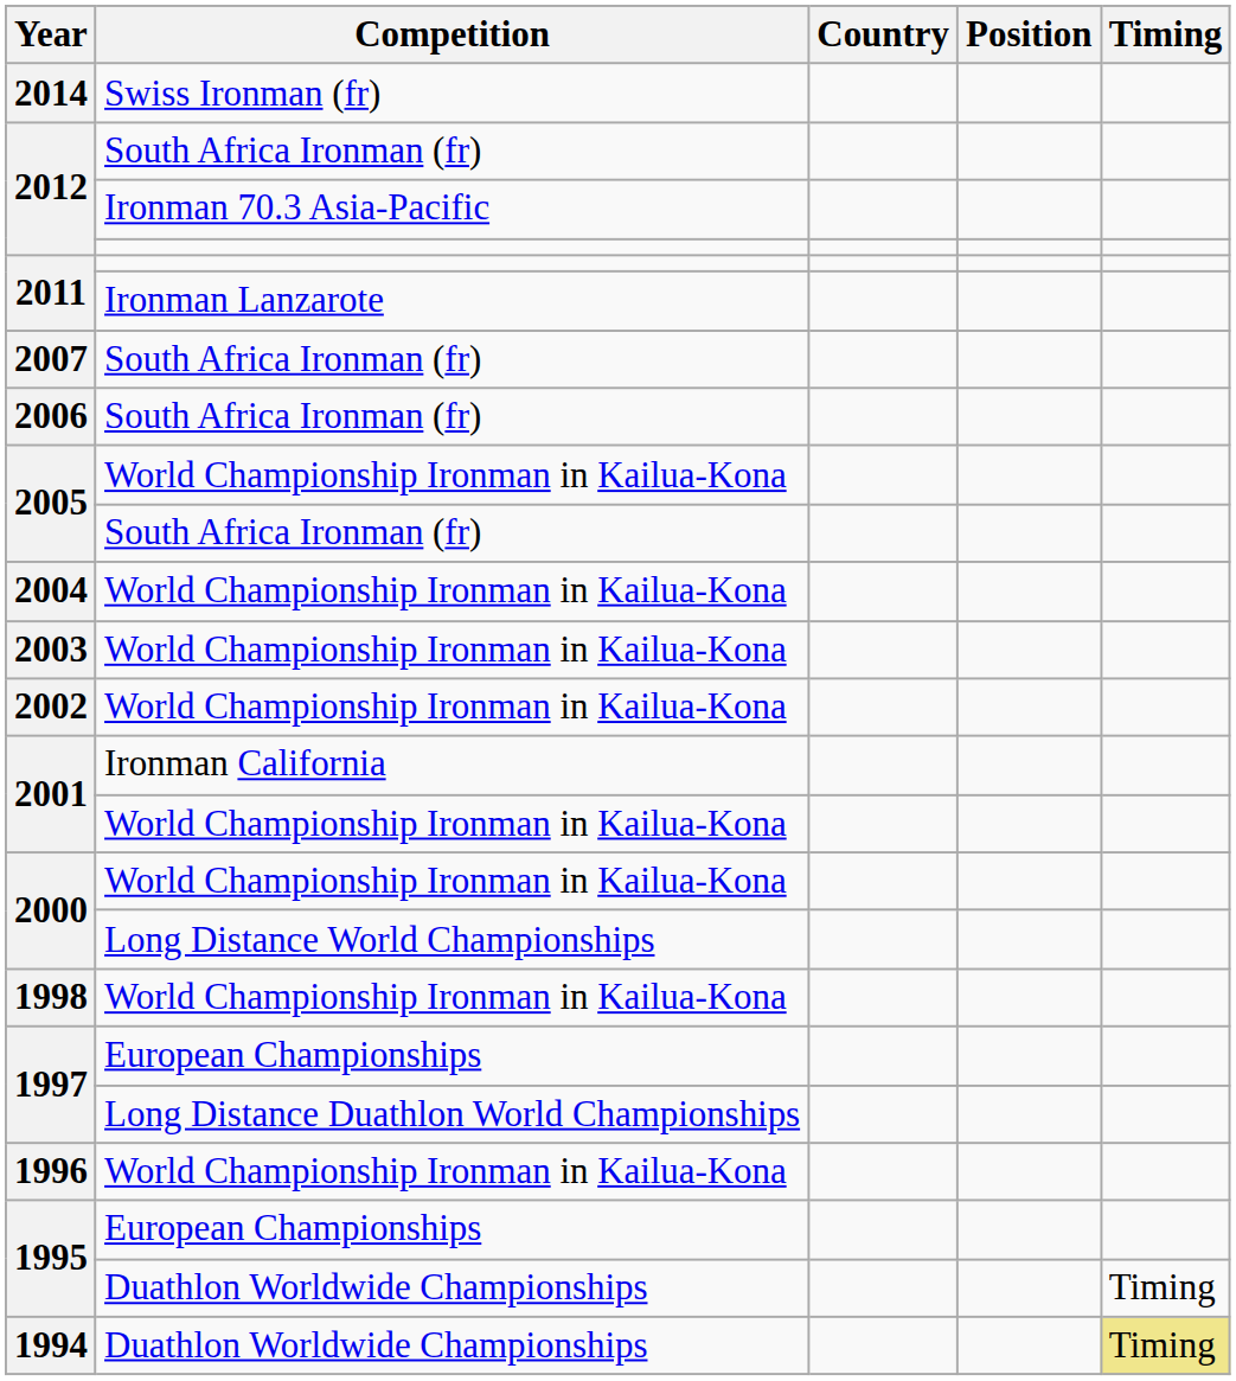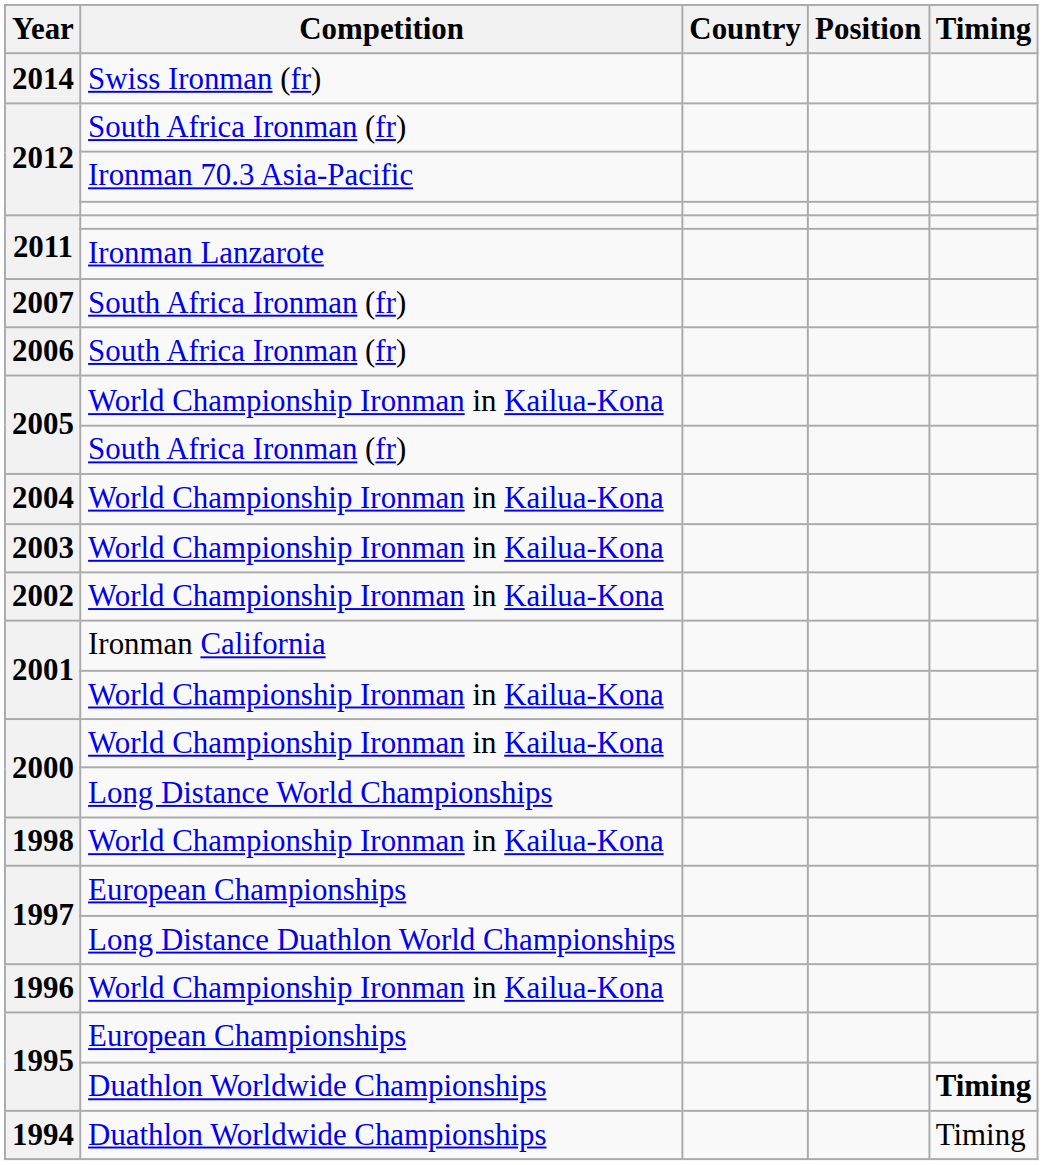 <table class="wikitable ">
 <tr>
 <th scope=col>Year</th>
 <th scope=col>Competition</th>
 <th scope=col>Country</th>
 <th Scope=col>Position</th>
 <th scope=col>Timing</th>
 </tr>
 <tr>
 <th scope=row; align=center;>2014</th>
 <td><a href='#'>Swiss Ironman</a> (<a href='#'>fr</a>)</td>
 <td></td>
 <td align=center></td>
 <td></td>
 </tr>
 <tr>
 <th scope=row; align=center; rowspan="3">2012</th>
 <td><a href='#'>South Africa Ironman</a> (<a href='#'>fr</a>)</td>
 <td></td>
 <td align=center></td>
 <td></td>
 </tr>
 <tr>
 <td><a href='#'>Ironman 70.3 Asia-Pacific</a></td>
 <td></td>
 <td align=center></td>
 <td></td>
 </tr>
 <tr>
 <td></td>
 <td></td>
 <td align=center></td>
 <td></td>
 </tr>
 <tr>
 <th scope=row; align=center; rowspan="2">2011</th>
 <td></td>
 <td></td>
 <td align=center></td>
 <td></td>
 </tr>
 <tr>
 <td><a href='#'>Ironman Lanzarote</a></td>
 <td></td>
 <td align=center></td>
 <td></td>
 </tr>
 <tr>
 <th scope=row; align=center;>2007</th>
 <td><a href='#'>South Africa Ironman</a> (<a href='#'>fr</a>)</td>
 <td></td>
 <td align=center></td>
 <td></td>
 </tr>
 <tr>
 <th scope=row; align=center;>2006</th>
 <td><a href='#'>South Africa Ironman</a> (<a href='#'>fr</a>)</td>
 <td></td>
 <td align=center></td>
 <td></td>
 </tr>
 <tr>
 <th scope=row; align=center; rowspan="2">2005</th>
 <td><a href='#'>World Championship Ironman</a> in <a href='#'>Kailua-Kona</a></td>
 <td></td>
 <td align=center></td>
 <td></td>
 </tr>
 <tr>
 <td><a href='#'>South Africa Ironman</a> (<a href='#'>fr</a>)</td>
 <td></td>
 <td align=center></td>
 <td></td>
 </tr>
 <tr>
 <th scope=row; align=center;>2004</th>
 <td><a href='#'>World Championship Ironman</a> in <a href='#'>Kailua-Kona</a></td>
 <td></td>
 <td align=center></td>
 <td></td>
 </tr>
 <tr>
 <th scope=row; align=center;>2003</th>
 <td><a href='#'>World Championship Ironman</a> in <a href='#'>Kailua-Kona</a></td>
 <td></td>
 <td align=center></td>
 <td></td>
 </tr>
 <tr>
 <th scope=row; align=center;>2002</th>
 <td><a href='#'>World Championship Ironman</a> in <a href='#'>Kailua-Kona</a></td>
 <td></td>
 <td align=center></td>
 <td></td>
 </tr>
 <tr>
 <th scope=row; align=center; rowspan="2">2001</th>
 <td>Ironman <a href='#'>California</a></td>
 <td></td>
 <td align=center></td>
 <td></td>
 </tr>
 <tr>
 <td><a href='#'>World Championship Ironman</a> in <a href='#'>Kailua-Kona</a></td>
 <td></td>
 <td align=center></td>
 <td></td>
 </tr>
 <tr>
 <th scope=row; align=center; rowspan="2">2000</th>
 <td><a href='#'>World Championship Ironman</a> in <a href='#'>Kailua-Kona</a></td>
 <td></td>
 <td align=center></td>
 <td></td>
 </tr>
 <tr>
 <td><a href='#'>Long Distance World Championships</a></td>
 <td></td>
 <td align=center></td>
 <td></td>
 </tr>
 <tr>
 <th scope=row; align=center;>1998</th>
 <td><a href='#'>World Championship Ironman</a> in <a href='#'>Kailua-Kona</a></td>
 <td></td>
 <td align=center></td>
 <td></td>
 </tr>
 <tr>
 <th scope=row; align=center; rowspan="2">1997</th>
 <td><a href='#'>European Championships</a></td>
 <td></td>
 <td align=center></td>
 <td></td>
 </tr>
 <tr>
 <td><a href='#'>Long Distance Duathlon World Championships</a></td>
 <td></td>
 <td align=center></td>
 <td></td>
 </tr>
 <tr>
 <th scope=row; align=center;>1996</th>
 <td><a href='#'>World Championship Ironman</a> in <a href='#'>Kailua-Kona</a></td>
 <td></td>
 <td align=center></td>
 <td></td>
 </tr>
 <tr>
 <th scope=row; align=center; rowspan="2">1995</th>
 <td><a href='#'>European Championships</a></td>
 <td></td>
 <td align=center></td>
 <td></td>
 </tr>
 <tr>
 <td><a href='#'>Duathlon Worldwide Championships</a></td>
 <td></td>
 <td align=center></td>
-<td>Timing</td>
+<td><strong>Timing</strong></td>
 </tr>
 <tr>
 <th scope=row; align=center;>1994</th>
 <td><a href='#'>Duathlon Worldwide Championships</a></td>
 <td></td>
 <td align=center></td>
-<td style="background: khaki;">Timing</td>
+<td>Timing</td>
 </tr>
 </table>
